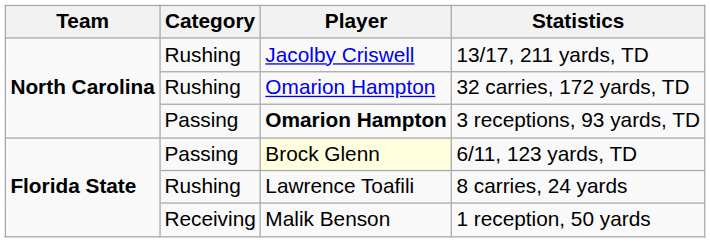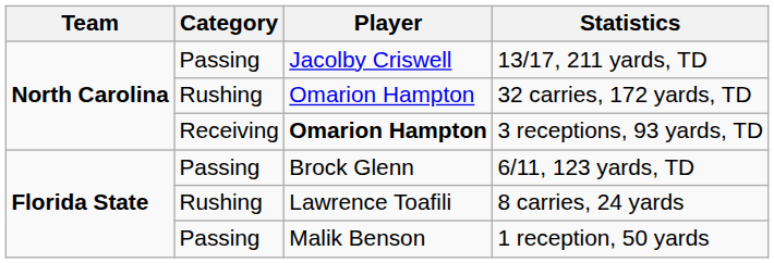 <table class="wikitable" style="float: right;">
 <tr>
 <th>Team</th>
 <th>Category</th>
 <th>Player</th>
 <th>Statistics</th>
 </tr>
 <tr>
 <td rowspan=3><strong>North Carolina</strong></td>
-<td>Rushing</td>
+<td>Passing</td>
 <td><a href='#'>Jacolby Criswell</a></td>
 <td>13/17, 211 yards, TD</td>
 </tr>
 <tr>
 <td>Rushing</td>
 <td><a href='#'>Omarion Hampton</a></td>
 <td>32 carries, 172 yards, TD</td>
 </tr>
 <tr>
-<td>Passing</td>
+<td>Receiving</td>
 <td><strong>Omarion Hampton</strong></td>
 <td>3 receptions, 93 yards, TD</td>
 </tr>
 <tr>
 <td rowspan=3><strong>Florida State</strong></td>
 <td>Passing</td>
-<td style="background: lightyellow;">Brock Glenn</td>
+<td>Brock Glenn</td>
 <td>6/11, 123 yards, TD</td>
 </tr>
 <tr>
 <td>Rushing</td>
 <td>Lawrence Toafili</td>
 <td>8 carries, 24 yards</td>
 </tr>
 <tr>
-<td>Receiving</td>
+<td>Passing</td>
 <td>Malik Benson</td>
 <td>1 reception, 50 yards</td>
 </tr>
 </table>
